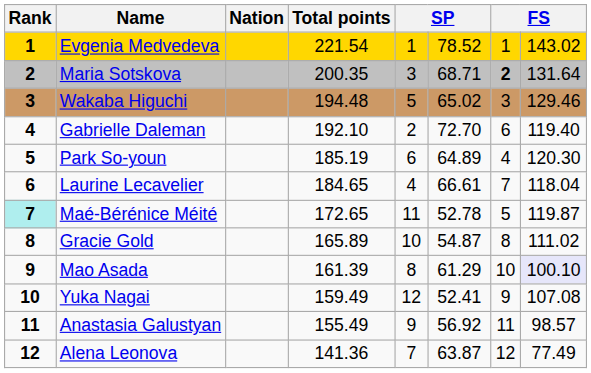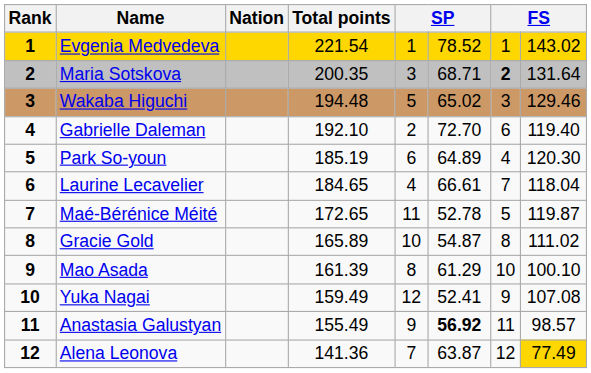 <table class="wikitable sortable">
 <tr>
 <th>Rank</th>
 <th>Name</th>
 <th>Nation</th>
 <th>Total points</th>
 <th colspan="2" width="80px"><a href='#'>SP</a></th>
 <th colspan="2" width="80px"><a href='#'>FS</a></th>
 </tr>
 <tr bgcolor="gold">
 <td align="center"><strong>1</strong></td>
 <td><a href='#'>Evgenia Medvedeva</a></td>
 <td></td>
 <td align="center">221.54</td>
 <td align="center">1</td>
 <td align="center">78.52</td>
 <td align="center">1</td>
 <td align="center">143.02</td>
 </tr>
 <tr bgcolor="silver">
 <td align="center"><strong>2</strong></td>
 <td><a href='#'>Maria Sotskova</a></td>
 <td></td>
 <td align="center">200.35</td>
 <td align="center">3</td>
 <td align="center">68.71</td>
 <td align="center"><strong>2</strong></td>
 <td align="center">131.64</td>
 </tr>
 <tr bgcolor="cc9966">
 <td align="center"><strong>3</strong></td>
 <td><a href='#'>Wakaba Higuchi</a></td>
 <td></td>
 <td align="center">194.48</td>
 <td align="center">5</td>
 <td align="center">65.02</td>
 <td align="center">3</td>
 <td align="center">129.46</td>
 </tr>
 <tr>
 <td align="center"><strong>4</strong></td>
 <td><a href='#'>Gabrielle Daleman</a></td>
 <td></td>
 <td align="center">192.10</td>
 <td align="center">2</td>
 <td align="center">72.70</td>
 <td align="center">6</td>
 <td align="center">119.40</td>
 </tr>
 <tr>
 <td align="center"><strong>5</strong></td>
 <td><a href='#'>Park So-youn</a></td>
 <td></td>
 <td align="center">185.19</td>
 <td align="center">6</td>
 <td align="center">64.89</td>
 <td align="center">4</td>
 <td align="center">120.30</td>
 </tr>
 <tr>
 <td align="center"><strong>6</strong></td>
 <td><a href='#'>Laurine Lecavelier</a></td>
 <td></td>
 <td align="center">184.65</td>
 <td align="center">4</td>
 <td align="center">66.61</td>
 <td align="center">7</td>
 <td align="center">118.04</td>
 </tr>
 <tr>
-<td align="center" style="background: paleturquoise;"><strong>7</strong></td>
+<td align="center"><strong>7</strong></td>
 <td><a href='#'>Maé-Bérénice Méité</a></td>
 <td></td>
 <td align="center">172.65</td>
 <td align="center">11</td>
 <td align="center">52.78</td>
 <td align="center">5</td>
 <td align="center">119.87</td>
 </tr>
 <tr>
 <td align="center"><strong>8</strong></td>
 <td><a href='#'>Gracie Gold</a></td>
 <td></td>
 <td align="center">165.89</td>
 <td align="center">10</td>
 <td align="center">54.87</td>
 <td align="center">8</td>
 <td align="center">111.02</td>
 </tr>
 <tr>
 <td align="center"><strong>9</strong></td>
 <td><a href='#'>Mao Asada</a></td>
 <td></td>
 <td align="center">161.39</td>
 <td align="center">8</td>
 <td align="center">61.29</td>
 <td align="center">10</td>
-<td align="center" style="background: lavender;">100.10</td>
+<td align="center">100.10</td>
 </tr>
 <tr>
 <td align="center"><strong>10</strong></td>
 <td><a href='#'>Yuka Nagai</a></td>
 <td></td>
 <td align="center">159.49</td>
 <td align="center">12</td>
 <td align="center">52.41</td>
 <td align="center">9</td>
 <td align="center">107.08</td>
 </tr>
 <tr>
 <td align="center"><strong>11</strong></td>
 <td><a href='#'>Anastasia Galustyan</a></td>
 <td></td>
 <td align="center">155.49</td>
 <td align="center">9</td>
-<td align="center">56.92</td>
+<td align="center"><strong>56.92</strong></td>
 <td align="center">11</td>
 <td align="center">98.57</td>
 </tr>
 <tr>
 <td align="center"><strong>12</strong></td>
 <td><a href='#'>Alena Leonova</a></td>
 <td></td>
 <td align="center">141.36</td>
 <td align="center">7</td>
 <td align="center">63.87</td>
 <td align="center">12</td>
-<td align="center">77.49</td>
+<td align="center" style="background: gold;">77.49</td>
 </tr>
 </table>
